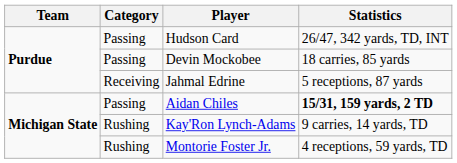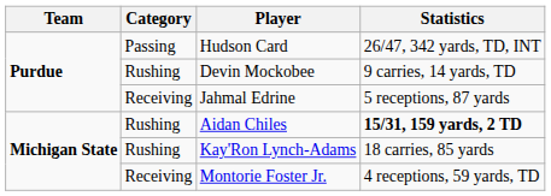 <table class="wikitable" style="float: right;">
 <tr>
 <th>Team</th>
 <th>Category</th>
 <th>Player</th>
 <th>Statistics</th>
 </tr>
 <tr>
 <td rowspan=3><strong>Purdue</strong></td>
 <td>Passing</td>
 <td>Hudson Card</td>
 <td>26/47, 342 yards, TD, INT</td>
 </tr>
 <tr>
-<td>Passing</td>
+<td>Rushing</td>
 <td>Devin Mockobee</td>
-<td>18 carries, 85 yards</td>
+<td>9 carries, 14 yards, TD</td>
 </tr>
 <tr>
 <td>Receiving</td>
 <td>Jahmal Edrine</td>
 <td>5 receptions, 87 yards</td>
 </tr>
 <tr>
 <td rowspan=3><strong>Michigan State</strong></td>
-<td>Passing</td>
+<td>Rushing</td>
 <td><a href='#'>Aidan Chiles</a></td>
 <td><strong>15/31, 159 yards, 2 TD</strong></td>
 </tr>
 <tr>
 <td>Rushing</td>
 <td><a href='#'>Kay'Ron Lynch-Adams</a></td>
-<td>9 carries, 14 yards, TD</td>
+<td>18 carries, 85 yards</td>
 </tr>
 <tr>
-<td>Rushing</td>
+<td>Receiving</td>
 <td><a href='#'>Montorie Foster Jr.</a></td>
 <td>4 receptions, 59 yards, TD</td>
 </tr>
 </table>
